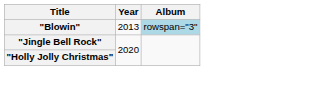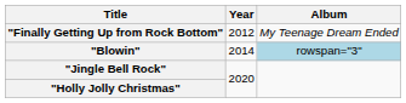 <table class="wikitable plainrowheaders" style="text-align:center;">
 <tr>
 <th scope="col">Title</th>
 <th scope="col">Year</th>
 <th scope="col">Album</th>
 </tr>
 <tr>
+<th scope="row">"Finally Getting Up from Rock Bottom"</th>
+<td>2012</td>
+<td><em>My Teenage Dream Ended</em></td>
+</tr>
+<tr>
 <th scope="row">"Blowin"</th>
-<td>2013</td>
+<td>2014</td>
 <td style="background: lightblue;">rowspan="3" </td>
 </tr>
 <tr>
 <th scope="row">"Jingle Bell Rock"<br></th>
 <td rowspan="2">2020</td>
 </tr>
 <tr>
 <th scope="row">"Holly Jolly Christmas"<br></th>
 </tr>
 </table>
